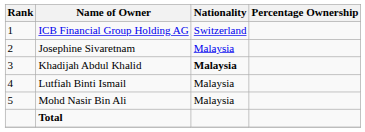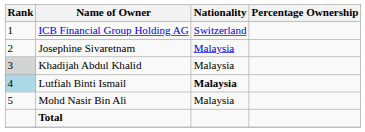 <table class="wikitable sortable" style="margin: 0.5em auto">
 <tr>
 <th>Rank</th>
 <th>Name of Owner</th>
 <th>Nationality</th>
 <th>Percentage Ownership</th>
 </tr>
 <tr>
 <td>1</td>
 <td><a href='#'>ICB Financial Group Holding AG</a></td>
 <td><a href='#'>Switzerland</a></td>
 <td></td>
 </tr>
 <tr>
 <td>2</td>
 <td>Josephine Sivaretnam</td>
 <td><a href='#'>Malaysia</a></td>
 <td></td>
 </tr>
 <tr>
-<td>3</td>
+<td style="background: lightgrey;">3</td>
 <td>Khadijah Abdul Khalid</td>
-<td><strong>Malaysia</strong></td>
+<td>Malaysia</td>
 <td></td>
 </tr>
 <tr>
-<td>4</td>
+<td style="background: lightblue;">4</td>
 <td>Lutfiah Binti Ismail</td>
-<td>Malaysia</td>
+<td><strong>Malaysia</strong></td>
 <td></td>
 </tr>
 <tr>
 <td>5</td>
 <td>Mohd Nasir Bin Ali</td>
 <td>Malaysia</td>
 <td></td>
 </tr>
 <tr>
 <td></td>
 <td><strong>Total</strong></td>
 <td></td>
 <td></td>
 </tr>
 <tr>
 </tr>
 </table>
